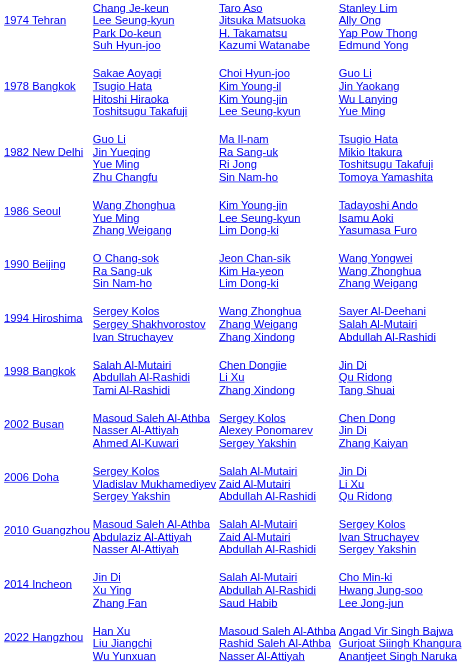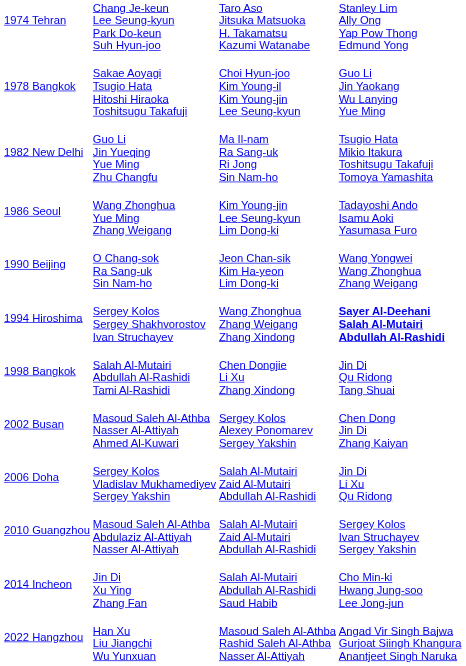 <table>
 <tr>
 <td><a href='#'>1974 Tehran</a></td>
 <td><br><a href='#'>Chang Je-keun</a><br><a href='#'>Lee Seung-kyun</a><br><a href='#'>Park Do-keun</a><br><a href='#'>Suh Hyun-joo</a></td>
 <td><br><a href='#'>Taro Aso</a><br><a href='#'>Jitsuka Matsuoka</a><br><a href='#'>H. Takamatsu</a><br><a href='#'>Kazumi Watanabe</a></td>
 <td><br><a href='#'>Stanley Lim</a><br><a href='#'>Ally Ong</a><br><a href='#'>Yap Pow Thong</a><br><a href='#'>Edmund Yong</a></td>
 </tr>
 <tr>
 <td><a href='#'>1978 Bangkok</a></td>
 <td><br><a href='#'>Sakae Aoyagi</a><br><a href='#'>Tsugio Hata</a><br><a href='#'>Hitoshi Hiraoka</a><br><a href='#'>Toshitsugu Takafuji</a></td>
 <td><br><a href='#'>Choi Hyun-joo</a><br><a href='#'>Kim Young-il</a><br><a href='#'>Kim Young-jin</a><br><a href='#'>Lee Seung-kyun</a></td>
 <td><br><a href='#'>Guo Li</a><br><a href='#'>Jin Yaokang</a><br><a href='#'>Wu Lanying</a><br><a href='#'>Yue Ming</a></td>
 </tr>
 <tr>
 <td><a href='#'>1982 New Delhi</a></td>
 <td><br><a href='#'>Guo Li</a><br><a href='#'>Jin Yueqing</a><br><a href='#'>Yue Ming</a><br><a href='#'>Zhu Changfu</a></td>
 <td><br><a href='#'>Ma Il-nam</a><br><a href='#'>Ra Sang-uk</a><br><a href='#'>Ri Jong</a><br><a href='#'>Sin Nam-ho</a></td>
 <td><br><a href='#'>Tsugio Hata</a><br><a href='#'>Mikio Itakura</a><br><a href='#'>Toshitsugu Takafuji</a><br><a href='#'>Tomoya Yamashita</a></td>
 </tr>
 <tr>
 <td><a href='#'>1986 Seoul</a></td>
 <td><br><a href='#'>Wang Zhonghua</a><br><a href='#'>Yue Ming</a><br><a href='#'>Zhang Weigang</a></td>
 <td><br><a href='#'>Kim Young-jin</a><br><a href='#'>Lee Seung-kyun</a><br><a href='#'>Lim Dong-ki</a></td>
 <td><br><a href='#'>Tadayoshi Ando</a><br><a href='#'>Isamu Aoki</a><br><a href='#'>Yasumasa Furo</a></td>
 </tr>
 <tr>
 <td><a href='#'>1990 Beijing</a></td>
 <td><br><a href='#'>O Chang-sok</a><br><a href='#'>Ra Sang-uk</a><br><a href='#'>Sin Nam-ho</a></td>
 <td><br><a href='#'>Jeon Chan-sik</a><br><a href='#'>Kim Ha-yeon</a><br><a href='#'>Lim Dong-ki</a></td>
 <td><br><a href='#'>Wang Yongwei</a><br><a href='#'>Wang Zhonghua</a><br><a href='#'>Zhang Weigang</a></td>
 </tr>
 <tr>
 <td><a href='#'>1994 Hiroshima</a></td>
 <td><br><a href='#'>Sergey Kolos</a><br><a href='#'>Sergey Shakhvorostov</a><br><a href='#'>Ivan Struchayev</a></td>
 <td><br><a href='#'>Wang Zhonghua</a><br><a href='#'>Zhang Weigang</a><br><a href='#'>Zhang Xindong</a></td>
-<td><br><a href='#'>Sayer Al-Deehani</a><br><a href='#'>Salah Al-Mutairi</a><br><a href='#'>Abdullah Al-Rashidi</a></td>
+<td><strong><br><a href='#'>Sayer Al-Deehani</a><br><a href='#'>Salah Al-Mutairi</a><br><a href='#'>Abdullah Al-Rashidi</a></strong></td>
 </tr>
 <tr>
 <td><a href='#'>1998 Bangkok</a></td>
 <td><br><a href='#'>Salah Al-Mutairi</a><br><a href='#'>Abdullah Al-Rashidi</a><br><a href='#'>Tami Al-Rashidi</a></td>
 <td><br><a href='#'>Chen Dongjie</a><br><a href='#'>Li Xu</a><br><a href='#'>Zhang Xindong</a></td>
 <td><br><a href='#'>Jin Di</a><br><a href='#'>Qu Ridong</a><br><a href='#'>Tang Shuai</a></td>
 </tr>
 <tr>
 <td><a href='#'>2002 Busan</a></td>
 <td><br><a href='#'>Masoud Saleh Al-Athba</a><br><a href='#'>Nasser Al-Attiyah</a><br><a href='#'>Ahmed Al-Kuwari</a></td>
 <td><br><a href='#'>Sergey Kolos</a><br><a href='#'>Alexey Ponomarev</a><br><a href='#'>Sergey Yakshin</a></td>
 <td><br><a href='#'>Chen Dong</a><br><a href='#'>Jin Di</a><br><a href='#'>Zhang Kaiyan</a></td>
 </tr>
 <tr>
 <td><a href='#'>2006 Doha</a></td>
 <td><br><a href='#'>Sergey Kolos</a><br><a href='#'>Vladislav Mukhamediyev</a><br><a href='#'>Sergey Yakshin</a></td>
 <td><br><a href='#'>Salah Al-Mutairi</a><br><a href='#'>Zaid Al-Mutairi</a><br><a href='#'>Abdullah Al-Rashidi</a></td>
 <td><br><a href='#'>Jin Di</a><br><a href='#'>Li Xu</a><br><a href='#'>Qu Ridong</a></td>
 </tr>
 <tr>
 <td><a href='#'>2010 Guangzhou</a></td>
 <td><br><a href='#'>Masoud Saleh Al-Athba</a><br><a href='#'>Abdulaziz Al-Attiyah</a><br><a href='#'>Nasser Al-Attiyah</a></td>
 <td><br><a href='#'>Salah Al-Mutairi</a><br><a href='#'>Zaid Al-Mutairi</a><br><a href='#'>Abdullah Al-Rashidi</a></td>
 <td><br><a href='#'>Sergey Kolos</a><br><a href='#'>Ivan Struchayev</a><br><a href='#'>Sergey Yakshin</a></td>
 </tr>
 <tr>
 <td><a href='#'>2014 Incheon</a></td>
 <td><br><a href='#'>Jin Di</a><br><a href='#'>Xu Ying</a><br><a href='#'>Zhang Fan</a></td>
 <td><br><a href='#'>Salah Al-Mutairi</a><br><a href='#'>Abdullah Al-Rashidi</a><br><a href='#'>Saud Habib</a></td>
 <td><br><a href='#'>Cho Min-ki</a><br><a href='#'>Hwang Jung-soo</a><br><a href='#'>Lee Jong-jun</a></td>
 </tr>
 <tr>
 <td><a href='#'>2022 Hangzhou</a></td>
 <td><br><a href='#'>Han Xu</a><br><a href='#'>Liu Jiangchi</a><br><a href='#'>Wu Yunxuan</a></td>
 <td><br><a href='#'>Masoud Saleh Al-Athba</a><br><a href='#'>Rashid Saleh Al-Athba</a><br><a href='#'>Nasser Al-Attiyah</a></td>
 <td><br><a href='#'>Angad Vir Singh Bajwa</a><br><a href='#'>Gurjoat Siingh Khangura</a><br><a href='#'>Anantjeet Singh Naruka</a></td>
 </tr>
 </table>
